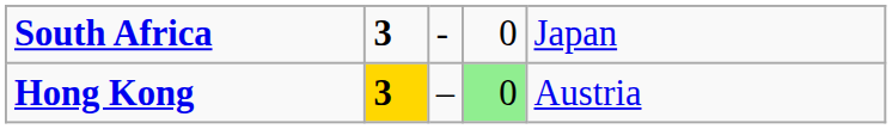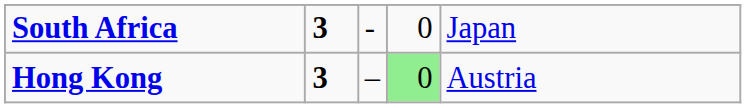 <table class="wikitable">
 <tr>
 <td width=150> <strong><a href='#'>South Africa</a></strong></td>
 <td style="width:20px; text-align:left;"><strong>3</strong></td>
 <td>-</td>
 <td style="width:20px; text-align:right;">0</td>
 <td width=150> <a href='#'>Japan</a></td>
 </tr>
 <tr>
 <td> <strong><a href='#'>Hong Kong</a></strong></td>
-<td style="background: gold; text-align:left;"><strong>3</strong></td>
+<td style="text-align:left;"><strong>3</strong></td>
 <td>–</td>
 <td style="background: lightgreen; text-align:right;">0</td>
 <td> <a href='#'>Austria</a></td>
 </tr>
 </table>
